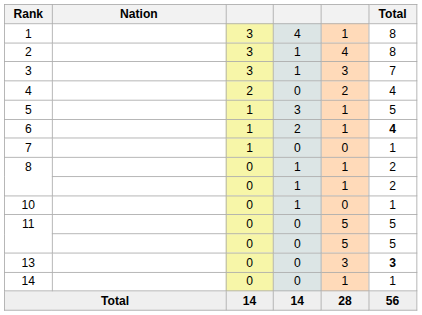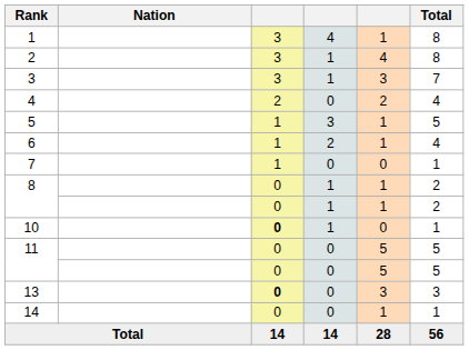 <table class=wikitable style="border:1px solid #AAAAAA;font-size:90%">
 <tr bgcolor="#EFEFEF">
 <th width=50>Rank</th>
 <th width=200>Nation</th>
 <th width=50></th>
 <th width=50></th>
 <th width=50></th>
 <th width=50>Total</th>
 </tr>
 <tr align="center" valign="top" bgcolor="#FFFFFF">
 <td rowspan="1" valign="center">1</td>
 <td align="left"></td>
 <td style="background:#F7F6A8;">3</td>
 <td style="background:#DCE5E5;">4</td>
 <td style="background:#FFDAB9;">1</td>
 <td>8</td>
 </tr>
 <tr align="center" valign="top" bgcolor="#FFFFFF">
 <td rowspan="1" valign="center">2</td>
 <td align="left"></td>
 <td style="background:#F7F6A8;">3</td>
 <td style="background:#DCE5E5;">1</td>
 <td style="background:#FFDAB9;">4</td>
 <td>8</td>
 </tr>
 <tr align="center" valign="top" bgcolor="#FFFFFF">
 <td rowspan="1" valign="center">3</td>
 <td align="left"></td>
 <td style="background:#F7F6A8;">3</td>
 <td style="background:#DCE5E5;">1</td>
 <td style="background:#FFDAB9;">3</td>
 <td>7</td>
 </tr>
 <tr align="center" valign="top" bgcolor="#FFFFFF">
 <td rowspan="1" valign="center">4</td>
 <td align="left"></td>
 <td style="background:#F7F6A8;">2</td>
 <td style="background:#DCE5E5;">0</td>
 <td style="background:#FFDAB9;">2</td>
 <td>4</td>
 </tr>
 <tr align="center" valign="top" bgcolor="#FFFFFF">
 <td rowspan="1" valign="center">5</td>
 <td align="left"></td>
 <td style="background:#F7F6A8;">1</td>
 <td style="background:#DCE5E5;">3</td>
 <td style="background:#FFDAB9;">1</td>
 <td>5</td>
 </tr>
 <tr align="center" valign="top" bgcolor="#FFFFFF">
 <td rowspan="1" valign="center">6</td>
 <td align="left"></td>
 <td style="background:#F7F6A8;">1</td>
 <td style="background:#DCE5E5;">2</td>
 <td style="background:#FFDAB9;">1</td>
-<td><strong>4</strong></td>
+<td>4</td>
 </tr>
 <tr align="center" valign="top" bgcolor="#FFFFFF">
 <td rowspan="1" valign="center">7</td>
 <td align="left"></td>
 <td style="background:#F7F6A8;">1</td>
 <td style="background:#DCE5E5;">0</td>
 <td style="background:#FFDAB9;">0</td>
 <td>1</td>
 </tr>
 <tr align="center" valign="top" bgcolor="#FFFFFF">
 <td rowspan="2" valign="center">8</td>
 <td align="left"></td>
 <td style="background:#F7F6A8;">0</td>
 <td style="background:#DCE5E5;">1</td>
 <td style="background:#FFDAB9;">1</td>
 <td>2</td>
 </tr>
 <tr align="center" valign="top" bgcolor="#FFFFFF">
 <td align="left"></td>
 <td style="background:#F7F6A8;">0</td>
 <td style="background:#DCE5E5;">1</td>
 <td style="background:#FFDAB9;">1</td>
 <td>2</td>
 </tr>
 <tr align="center" valign="top" bgcolor="#FFFFFF">
 <td rowspan="1" valign="center">10</td>
 <td align="left"></td>
-<td style="background:#F7F6A8;">0</td>
+<td style="background:#F7F6A8;"><strong>0</strong></td>
 <td style="background:#DCE5E5;">1</td>
 <td style="background:#FFDAB9;">0</td>
 <td>1</td>
 </tr>
 <tr align="center" valign="top" bgcolor="#FFFFFF">
 <td rowspan="2" valign="center">11</td>
 <td align="left"></td>
 <td style="background:#F7F6A8;">0</td>
 <td style="background:#DCE5E5;">0</td>
 <td style="background:#FFDAB9;">5</td>
 <td>5</td>
 </tr>
 <tr align="center" valign="top" bgcolor="#FFFFFF">
 <td align="left"></td>
 <td style="background:#F7F6A8;">0</td>
 <td style="background:#DCE5E5;">0</td>
 <td style="background:#FFDAB9;">5</td>
 <td>5</td>
 </tr>
 <tr align="center" valign="top" bgcolor="#FFFFFF">
 <td rowspan="1" valign="center">13</td>
 <td align="left"></td>
-<td style="background:#F7F6A8;">0</td>
+<td style="background:#F7F6A8;"><strong>0</strong></td>
 <td style="background:#DCE5E5;">0</td>
 <td style="background:#FFDAB9;">3</td>
-<td><strong>3</strong></td>
+<td>3</td>
 </tr>
 <tr align="center" valign="top" bgcolor="#FFFFFF">
 <td rowspan="1" valign="center">14</td>
 <td align="left"></td>
 <td style="background:#F7F6A8;">0</td>
 <td style="background:#DCE5E5;">0</td>
 <td style="background:#FFDAB9;">1</td>
 <td>1</td>
 </tr>
 <tr align="center" valign="top" bgcolor="#EFEFEF">
 <td colspan="2" rowspan="1" valign="center"><strong>Total</strong></td>
 <td><strong>14</strong></td>
 <td><strong>14</strong></td>
 <td><strong>28</strong></td>
 <td><strong>56</strong></td>
 </tr>
 </table>
